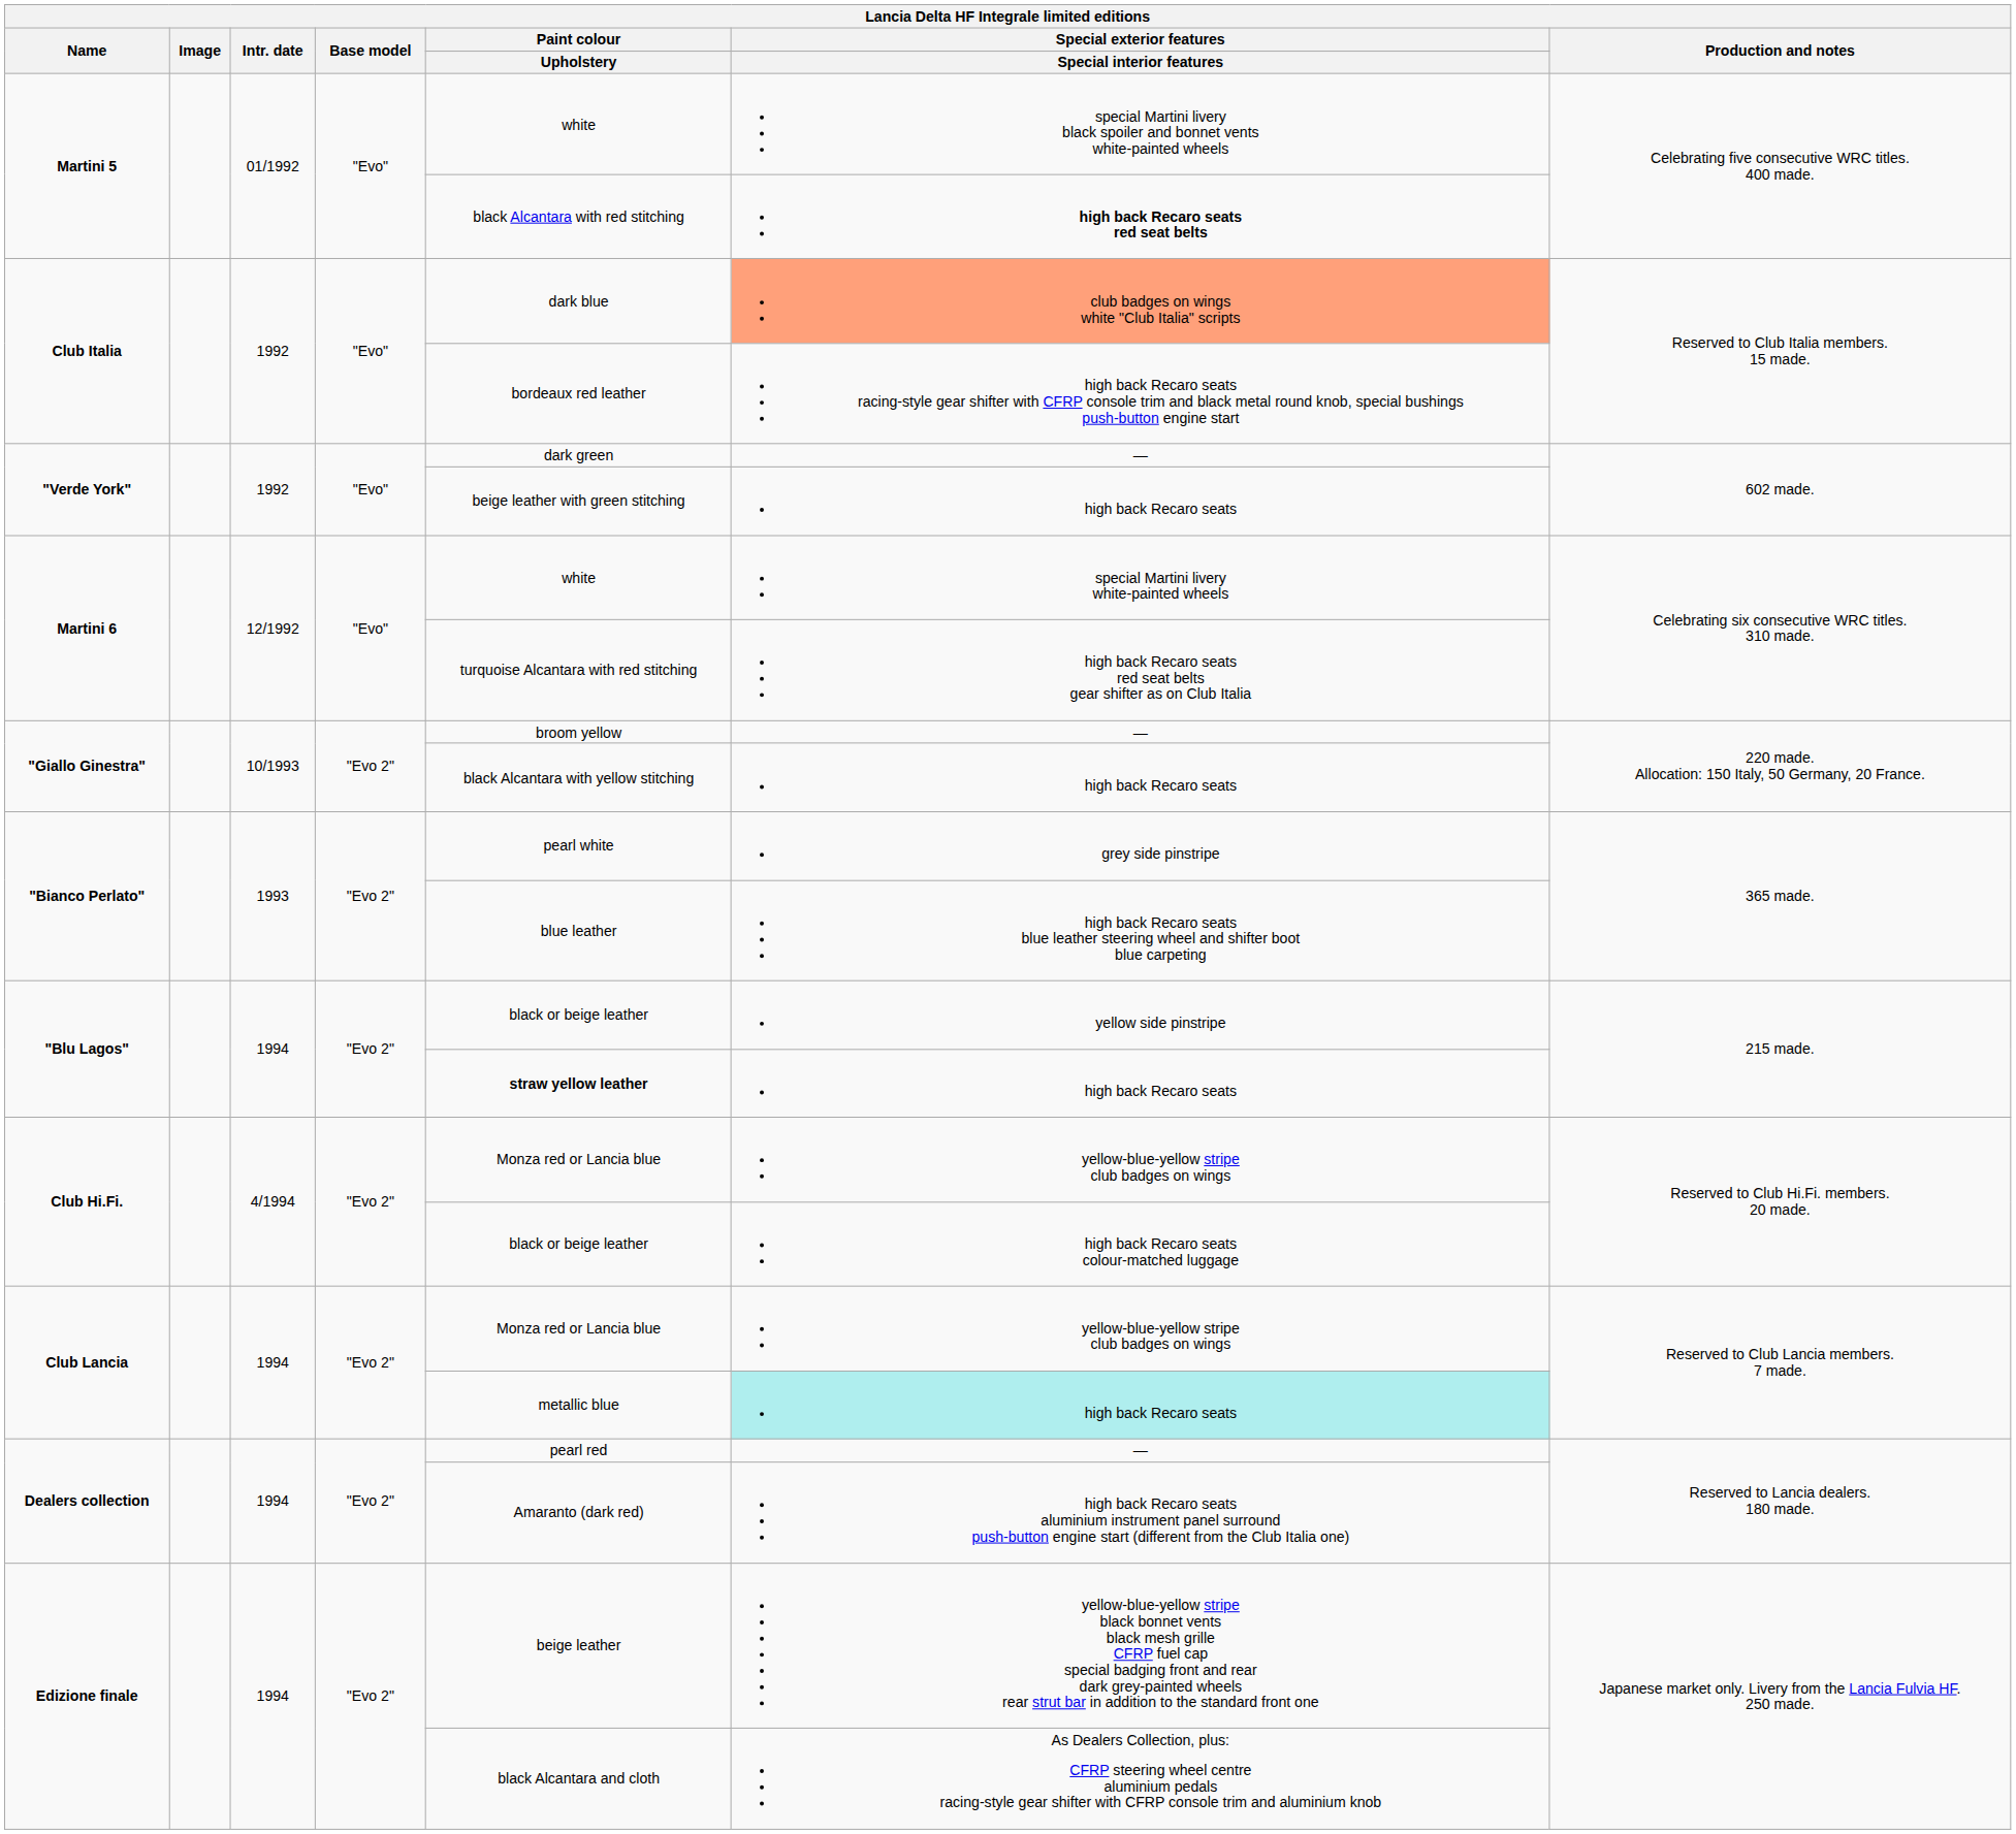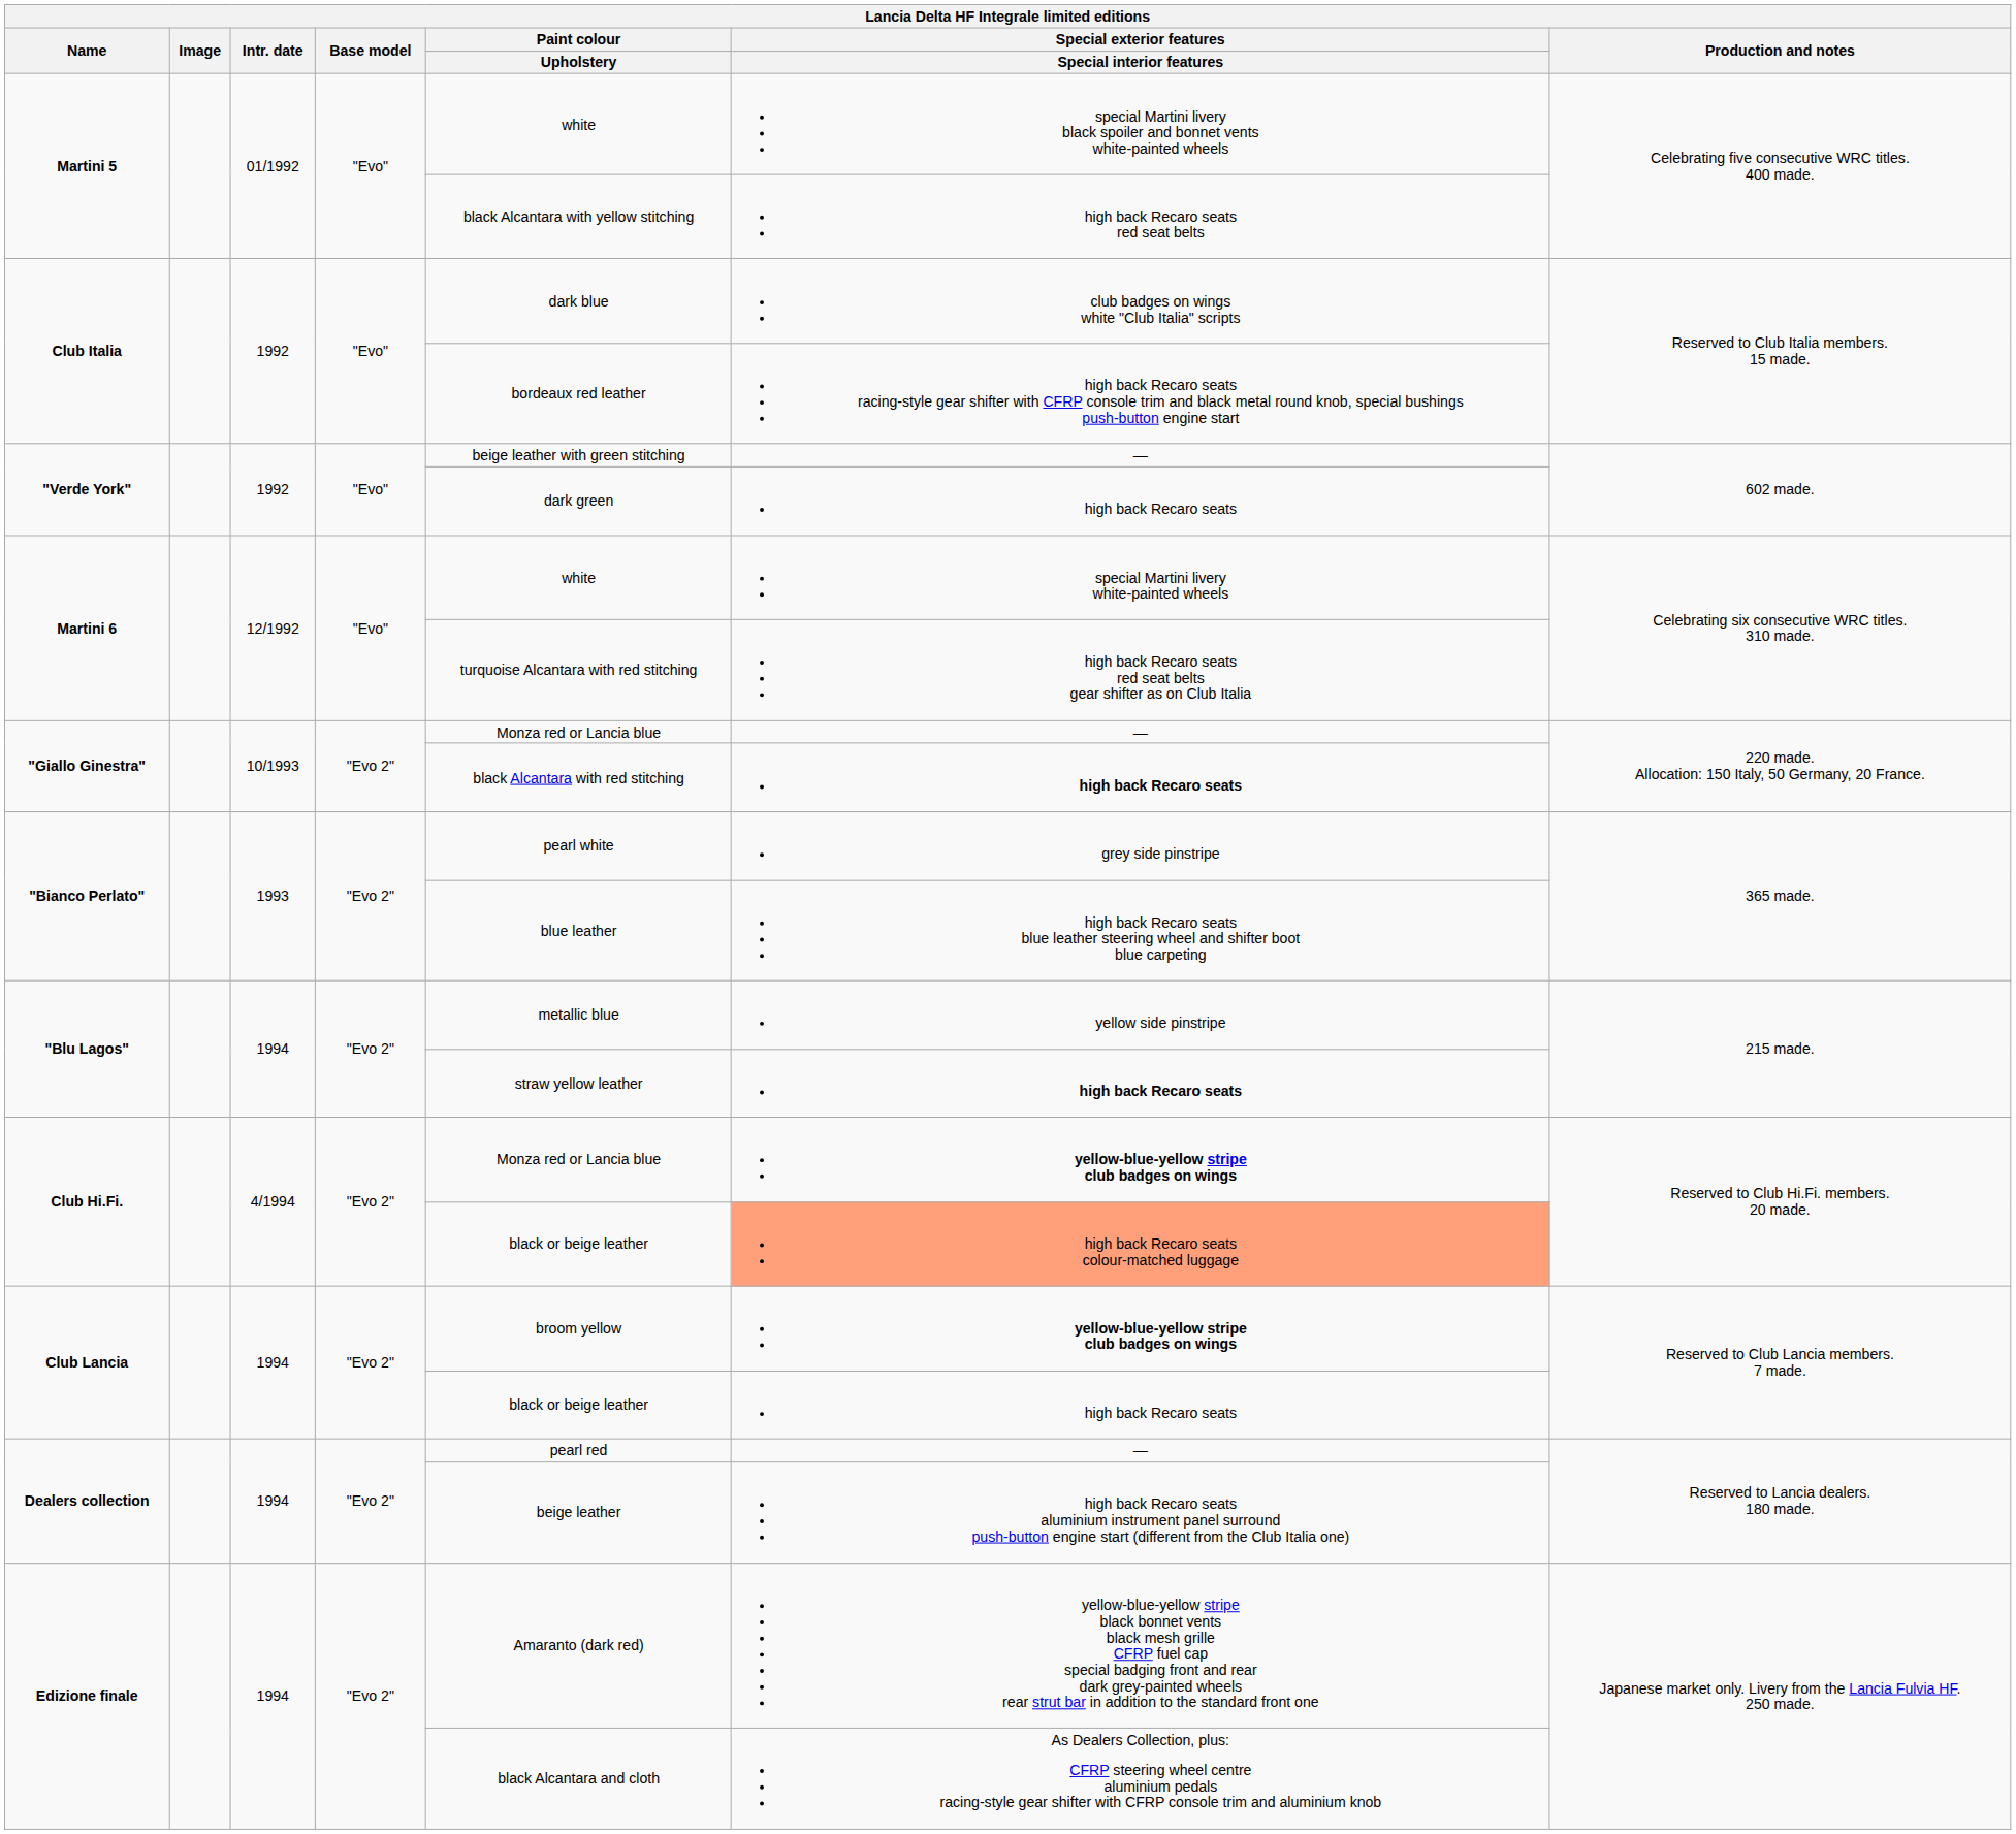 <table class="wikitable collapsible collapsed" cellpadding="0" style="text-align:center; font-size:90%;" width=100%>
 <tr>
 <th colspan=8>Lancia Delta HF Integrale limited editions</th>
 </tr>
 <tr>
 <th rowspan=2>Name</th>
 <th rowspan=2>Image</th>
 <th rowspan=2>Intr. date</th>
 <th rowspan=2>Base model</th>
 <th>Paint colour</th>
 <th>Special exterior features</th>
 <th rowspan=2>Production and notes</th>
 </tr>
 <tr>
 <th>Upholstery</th>
 <th>Special interior features</th>
 </tr>
 <tr>
 <td rowspan=2><strong>Martini 5</strong></td>
 <td rowspan=2></td>
 <td rowspan=2>01/1992</td>
 <td rowspan=2>"Evo"</td>
 <td>white<br></td>
 <td><br><ul><li>special Martini livery</li><li>black spoiler and bonnet vents</li><li>white-painted wheels</li></ul></td>
 <td rowspan=2>Celebrating five consecutive WRC titles.<br>400 made.</td>
 </tr>
 <tr>
-<td>black <a href='#'>Alcantara</a> with red stitching</td>
-<td><strong><br><ul><li>high back Recaro seats</li><li>red seat belts</li></ul></strong></td>
+<td>black Alcantara with yellow stitching</td>
+<td><br><ul><li>high back Recaro seats</li><li>red seat belts</li></ul></td>
 </tr>
 <tr>
 <td rowspan=2><strong>Club Italia</strong></td>
 <td rowspan=2></td>
 <td rowspan=2>1992</td>
 <td rowspan=2>"Evo"</td>
 <td>dark blue</td>
-<td style="background: lightsalmon;"><br><ul><li>club badges on wings</li><li>white "Club Italia" scripts</li></ul></td>
+<td><br><ul><li>club badges on wings</li><li>white "Club Italia" scripts</li></ul></td>
 <td rowspan=2>Reserved to Club Italia members.<br>15 made.</td>
 </tr>
 <tr>
 <td>bordeaux red leather</td>
 <td><br><ul><li>high back Recaro seats</li><li>racing-style gear shifter with <a href='#'>CFRP</a> console trim and black metal round knob, special bushings</li><li><a href='#'>push-button</a> engine start</li></ul></td>
 </tr>
 <tr>
 <td rowspan=2><strong>"Verde York"</strong></td>
 <td rowspan=2></td>
 <td rowspan=2>1992</td>
 <td rowspan=2>"Evo"</td>
-<td>dark green</td>
+<td>beige leather with green stitching</td>
 <td>—</td>
 <td rowspan=2>602 made.</td>
 </tr>
 <tr>
-<td>beige leather with green stitching</td>
+<td>dark green</td>
 <td><br><ul><li>high back Recaro seats</li></ul></td>
 </tr>
 <tr>
 <td rowspan=2><strong>Martini 6</strong></td>
 <td rowspan=2></td>
 <td rowspan=2>12/1992</td>
 <td rowspan=2>"Evo"</td>
 <td>white</td>
 <td><br><ul><li>special Martini livery</li><li>white-painted wheels</li></ul></td>
 <td rowspan=2>Celebrating six consecutive WRC titles.<br>310 made.</td>
 </tr>
 <tr>
 <td>turquoise Alcantara with red stitching</td>
 <td><br><ul><li>high back Recaro seats</li><li>red seat belts</li><li>gear shifter as on Club Italia</li></ul></td>
 </tr>
 <tr>
 <td rowspan=2><strong>"Giallo Ginestra"</strong></td>
 <td rowspan=2></td>
 <td rowspan=2>10/1993</td>
 <td rowspan=2>"Evo 2"</td>
-<td>broom yellow</td>
+<td>Monza red or Lancia blue</td>
 <td>—</td>
 <td rowspan=2>220 made.<br>Allocation: 150 Italy, 50 Germany, 20 France.</td>
 </tr>
 <tr>
-<td>black Alcantara with yellow stitching</td>
-<td><br><ul><li>high back Recaro seats</li></ul></td>
+<td>black <a href='#'>Alcantara</a> with red stitching</td>
+<td><strong><br><ul><li>high back Recaro seats</li></ul></strong></td>
 </tr>
 <tr>
 <td rowspan=2><strong>"Bianco Perlato"</strong></td>
 <td rowspan=2></td>
 <td rowspan=2>1993</td>
 <td rowspan=2>"Evo 2"</td>
 <td>pearl white</td>
 <td><br><ul><li>grey side pinstripe</li></ul></td>
 <td rowspan=2>365 made.</td>
 </tr>
 <tr>
 <td>blue leather</td>
 <td><br><ul><li>high back Recaro seats</li><li>blue leather steering wheel and shifter boot</li><li>blue carpeting</li></ul></td>
 </tr>
 <tr>
 <td rowspan=2><strong>"Blu Lagos"</strong></td>
 <td rowspan=2></td>
 <td rowspan=2>1994</td>
 <td rowspan=2>"Evo 2"</td>
-<td>black or beige leather</td>
+<td>metallic blue</td>
 <td><br><ul><li>yellow side pinstripe</li></ul></td>
 <td rowspan=2>215 made.</td>
 </tr>
 <tr>
-<td><strong>straw yellow leather</strong></td>
-<td><br><ul><li>high back Recaro seats</li></ul></td>
+<td>straw yellow leather</td>
+<td><strong><br><ul><li>high back Recaro seats</li></ul></strong></td>
 </tr>
 <tr>
 <td rowspan=2><strong>Club Hi.Fi.</strong></td>
 <td rowspan=2></td>
 <td rowspan=2>4/1994</td>
 <td rowspan=2>"Evo 2"</td>
 <td>Monza red or Lancia blue</td>
-<td><br><ul><li>yellow-blue-yellow <a href='#'>stripe</a></li><li>club badges on wings</li></ul></td>
+<td><strong><br><ul><li>yellow-blue-yellow <a href='#'>stripe</a></li><li>club badges on wings</li></ul></strong></td>
 <td rowspan=2>Reserved to Club Hi.Fi. members.<br>20 made.</td>
 </tr>
 <tr>
 <td>black or beige leather</td>
-<td><br><ul><li>high back Recaro seats</li><li>colour-matched luggage</li></ul></td>
+<td style="background: lightsalmon;"><br><ul><li>high back Recaro seats</li><li>colour-matched luggage</li></ul></td>
 </tr>
 <tr>
 <td rowspan=2><strong>Club Lancia</strong></td>
 <td rowspan=2></td>
 <td rowspan=2>1994</td>
 <td rowspan=2>"Evo 2"</td>
-<td>Monza red or Lancia blue</td>
-<td><br><ul><li>yellow-blue-yellow stripe</li><li>club badges on wings</li></ul></td>
+<td>broom yellow</td>
+<td><strong><br><ul><li>yellow-blue-yellow stripe</li><li>club badges on wings</li></ul></strong></td>
 <td rowspan=2>Reserved to Club Lancia members.<br>7 made.</td>
 </tr>
 <tr>
-<td>metallic blue</td>
-<td style="background: paleturquoise;"><br><ul><li>high back Recaro seats</li></ul></td>
+<td>black or beige leather</td>
+<td><br><ul><li>high back Recaro seats</li></ul></td>
 </tr>
 <tr>
 <td rowspan=2><strong>Dealers collection</strong></td>
 <td rowspan=2></td>
 <td rowspan=2>1994</td>
 <td rowspan=2>"Evo 2"</td>
 <td>pearl red</td>
 <td>—</td>
 <td rowspan=2>Reserved to Lancia dealers.<br>180 made.</td>
 </tr>
 <tr>
-<td>Amaranto (dark red)</td>
+<td>beige leather</td>
 <td><br><ul><li>high back Recaro seats</li><li>aluminium instrument panel surround</li><li><a href='#'>push-button</a> engine start (different from the Club Italia one)</li></ul></td>
 </tr>
 <tr>
 <td rowspan=2><strong>Edizione finale</strong></td>
 <td rowspan=2></td>
 <td rowspan=2>1994</td>
 <td rowspan=2>"Evo 2"</td>
-<td>beige leather</td>
+<td>Amaranto (dark red)</td>
 <td><br><ul><li>yellow-blue-yellow <a href='#'>stripe</a></li><li>black bonnet vents</li><li>black mesh grille</li><li><a href='#'>CFRP</a> fuel cap</li><li>special badging front and rear</li><li>dark grey-painted wheels</li><li>rear <a href='#'>strut bar</a> in addition to the standard front one</li></ul></td>
 <td rowspan=2>Japanese market only. Livery from the <a href='#'>Lancia Fulvia HF</a>.<br>250 made.</td>
 </tr>
 <tr>
 <td>black Alcantara and cloth</td>
 <td>As Dealers Collection, plus:<br><ul><li><a href='#'>CFRP</a> steering wheel centre</li><li>aluminium pedals</li><li>racing-style gear shifter with CFRP console trim and aluminium knob</li></ul></td>
 </tr>
 </table>
